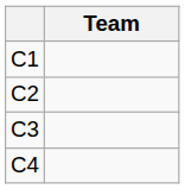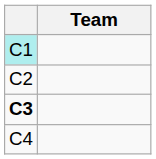 <table class="wikitable" style="display:inline-table;float:left;">
 <tr>
 <th></th>
 <th width=90>Team</th>
 </tr>
 <tr>
-<td align=center>C1</td>
+<td align=center style="background: paleturquoise;">C1</td>
 <td></td>
 </tr>
 <tr>
 <td align=center>C2</td>
 <td></td>
 </tr>
 <tr>
-<td align=center>C3</td>
+<td align=center><strong>C3</strong></td>
 <td></td>
 </tr>
 <tr>
 <td align=center>C4</td>
 <td></td>
 </tr>
 </table>
